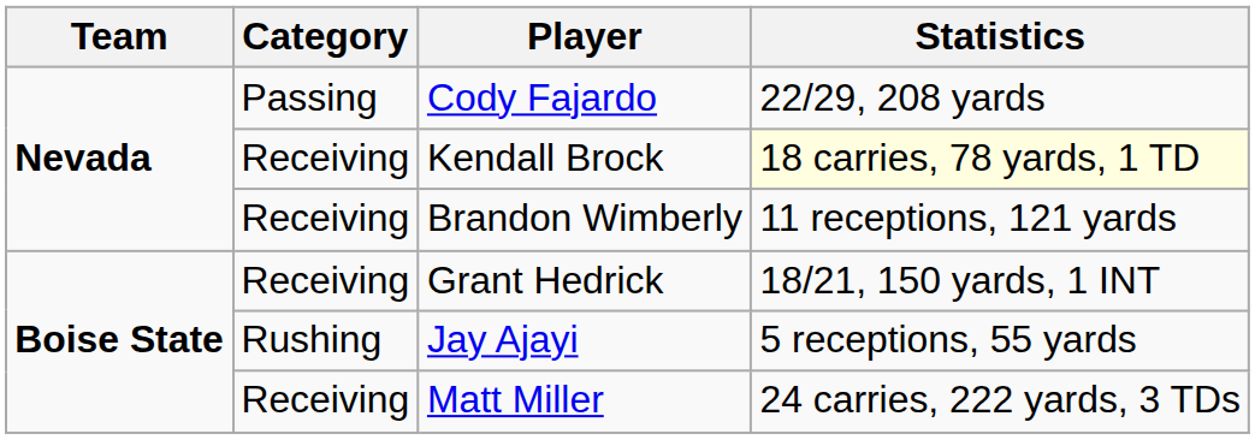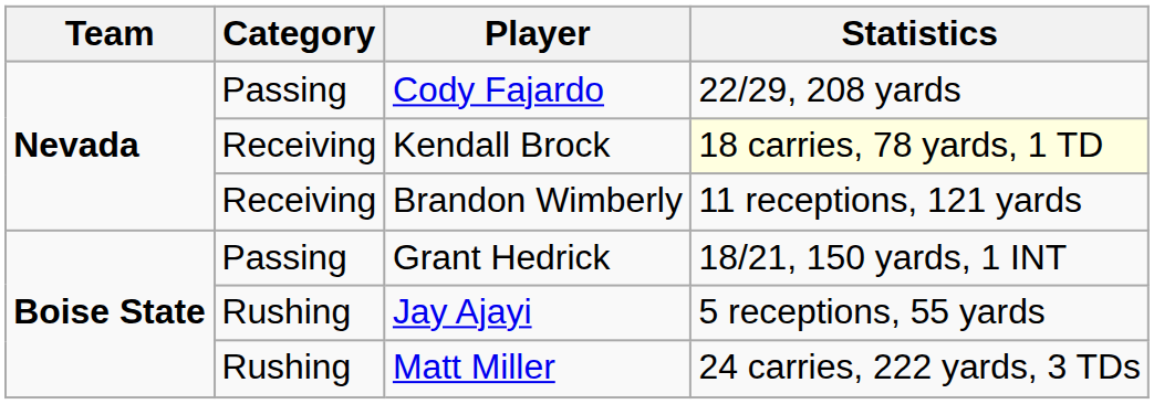 <table class="wikitable" style="float: left;">
 <tr>
 <th>Team</th>
 <th>Category</th>
 <th>Player</th>
 <th>Statistics</th>
 </tr>
 <tr>
 <td rowspan=3><strong>Nevada</strong></td>
 <td>Passing</td>
 <td><a href='#'>Cody Fajardo</a></td>
 <td>22/29, 208 yards</td>
 </tr>
 <tr>
 <td>Receiving</td>
 <td>Kendall Brock</td>
 <td style="background: lightyellow;">18 carries, 78 yards, 1 TD</td>
 </tr>
 <tr>
 <td>Receiving</td>
 <td>Brandon Wimberly</td>
 <td>11 receptions, 121 yards</td>
 </tr>
 <tr>
 <td rowspan=3><strong>Boise State</strong></td>
-<td>Receiving</td>
+<td>Passing</td>
 <td>Grant Hedrick</td>
 <td>18/21, 150 yards, 1 INT</td>
 </tr>
 <tr>
 <td>Rushing</td>
 <td><a href='#'>Jay Ajayi</a></td>
 <td>5 receptions, 55 yards</td>
 </tr>
 <tr>
-<td>Receiving</td>
+<td>Rushing</td>
 <td><a href='#'>Matt Miller</a></td>
 <td>24 carries, 222 yards, 3 TDs</td>
 </tr>
 </table>
